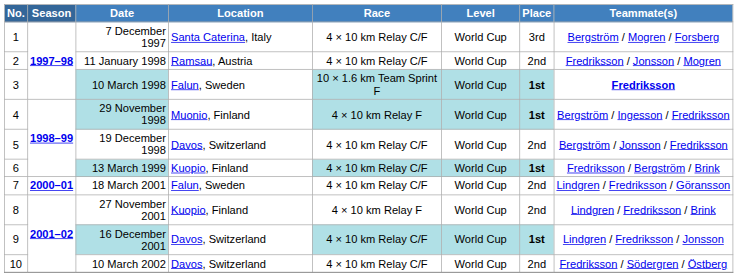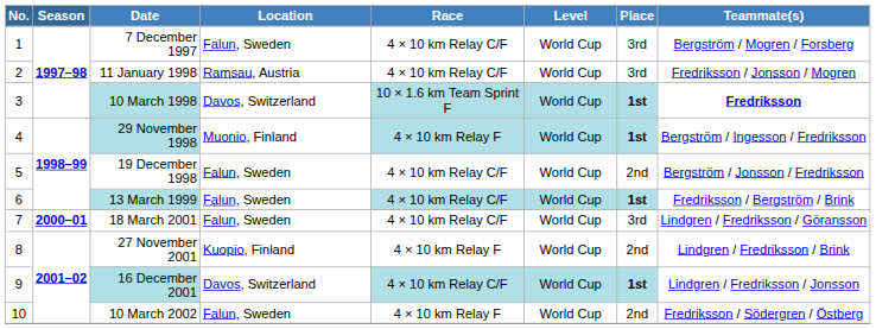 <table class="wikitable sortable" style="font-size:95%; text-align:center; border:grey solid 1px; border-collapse:collapse; background:#ffffff;">
 <tr style="background:#efefef;">
 <th style="background-color:#369; color:white;">No.</th>
 <th style="background-color:#369; color:white;">Season</th>
 <th style="background-color:#4180be; color:white; width:120px;">Date</th>
 <th style="background-color:#4180be; color:white; width:190px;">Location</th>
 <th style="background-color:#4180be; color:white; width:170px;">Race</th>
 <th style="background-color:#4180be; color:white; width:100px;">Level</th>
 <th style="background-color:#4180be; color:white;">Place</th>
 <th style="background-color:#4180be; color:white;">Teammate(s)</th>
 </tr>
 <tr>
 <td align=center>1</td>
 <td rowspan=3 align=center><strong><a href='#'>1997–98</a></strong></td>
 <td align=right>7 December 1997</td>
-<td align=left> <a href='#'>Santa Caterina</a>, Italy</td>
+<td align=left> <a href='#'>Falun</a>, Sweden</td>
 <td>4 × 10 km Relay C/F</td>
 <td>World Cup</td>
 <td>3rd</td>
 <td><a href='#'>Bergström</a> / <a href='#'>Mogren</a> / <a href='#'>Forsberg</a></td>
 </tr>
 <tr>
 <td align=center>2</td>
 <td align=right>11 January 1998</td>
 <td align=left> <a href='#'>Ramsau</a>, Austria</td>
 <td>4 × 10 km Relay C/F</td>
 <td>World Cup</td>
-<td>2nd</td>
+<td>3rd</td>
 <td><a href='#'>Fredriksson</a> / <a href='#'>Jonsson</a> / <a href='#'>Mogren</a></td>
 </tr>
 <tr>
 <td align=center>3</td>
 <td bgcolor="#BOEOE6" align=right>10 March 1998</td>
-<td align=left> <a href='#'>Falun</a>, Sweden</td>
+<td align=left> <a href='#'>Davos</a>, Switzerland</td>
 <td bgcolor="#BOEOE6" align=center>10 × 1.6 km Team Sprint F</td>
 <td bgcolor="#BOEOE6">World Cup</td>
 <td bgcolor="#BOEOE6"><strong>1st</strong></td>
 <td><strong><a href='#'>Fredriksson</a></strong></td>
 </tr>
 <tr>
 <td align=center>4</td>
 <td rowspan=3 align=center><strong><a href='#'>1998–99</a></strong></td>
 <td bgcolor="#BOEOE6" align=right>29 November 1998</td>
 <td align=left> <a href='#'>Muonio</a>, Finland</td>
 <td bgcolor="#BOEOE6">4 × 10 km Relay F</td>
 <td bgcolor="#BOEOE6">World Cup</td>
 <td bgcolor="#BOEOE6"><strong>1st</strong></td>
 <td><a href='#'>Bergström</a> / <a href='#'>Ingesson</a> / <a href='#'>Fredriksson</a></td>
 </tr>
 <tr>
 <td align=center>5</td>
 <td align=right>19 December 1998</td>
-<td align=left> <a href='#'>Davos</a>, Switzerland</td>
+<td align=left> <a href='#'>Falun</a>, Sweden</td>
 <td>4 × 10 km Relay C/F</td>
 <td>World Cup</td>
 <td>2nd</td>
 <td><a href='#'>Bergström</a> / <a href='#'>Jonsson</a> / <a href='#'>Fredriksson</a></td>
 </tr>
 <tr>
 <td align=center>6</td>
 <td bgcolor="#BOEOE6" align=right>13 March 1999</td>
-<td align=left> <a href='#'>Kuopio</a>, Finland</td>
+<td align=left> <a href='#'>Falun</a>, Sweden</td>
 <td bgcolor="#BOEOE6" align=center>4 × 10 km Relay C/F</td>
 <td bgcolor="#BOEOE6">World Cup</td>
 <td bgcolor="#BOEOE6"><strong>1st</strong></td>
 <td><a href='#'>Fredriksson</a> / <a href='#'>Bergström</a> / <a href='#'>Brink</a></td>
 </tr>
 <tr>
 <td align=center>7</td>
 <td rowspan=1 align=center><strong><a href='#'>2000–01</a></strong></td>
 <td align=right>18 March 2001</td>
 <td align=left> <a href='#'>Falun</a>, Sweden</td>
 <td>4 × 10 km Relay C/F</td>
 <td>World Cup</td>
-<td>2nd</td>
+<td>3rd</td>
 <td><a href='#'>Lindgren</a> / <a href='#'>Fredriksson</a> / <a href='#'>Göransson</a></td>
 </tr>
 <tr>
 <td align=center>8</td>
 <td rowspan=3 align=center><strong><a href='#'>2001–02</a></strong></td>
 <td align=right>27 November 2001</td>
 <td align=left> <a href='#'>Kuopio</a>, Finland</td>
 <td>4 × 10 km Relay F</td>
 <td>World Cup</td>
 <td>2nd</td>
 <td><a href='#'>Lindgren</a> / <a href='#'>Fredriksson</a> / <a href='#'>Brink</a></td>
 </tr>
 <tr>
 <td align=center>9</td>
 <td bgcolor="#BOEOE6" align=right>16 December 2001</td>
 <td align=left> <a href='#'>Davos</a>, Switzerland</td>
 <td bgcolor="#BOEOE6" align=center>4 × 10 km Relay C/F</td>
 <td bgcolor="#BOEOE6">World Cup</td>
 <td bgcolor="#BOEOE6"><strong>1st</strong></td>
 <td><a href='#'>Lindgren</a> / <a href='#'>Fredriksson</a> / <a href='#'>Jonsson</a></td>
 </tr>
 <tr>
 <td align=center>10</td>
 <td align=right>10 March 2002</td>
-<td align=left> <a href='#'>Davos</a>, Switzerland</td>
-<td>4 × 10 km Relay C/F</td>
+<td align=left> <a href='#'>Falun</a>, Sweden</td>
+<td>4 × 10 km Relay F</td>
 <td>World Cup</td>
 <td>2nd</td>
 <td><a href='#'>Fredriksson</a> / <a href='#'>Södergren</a> / <a href='#'>Östberg</a></td>
 </tr>
 <tr>
 </tr>
 </table>
